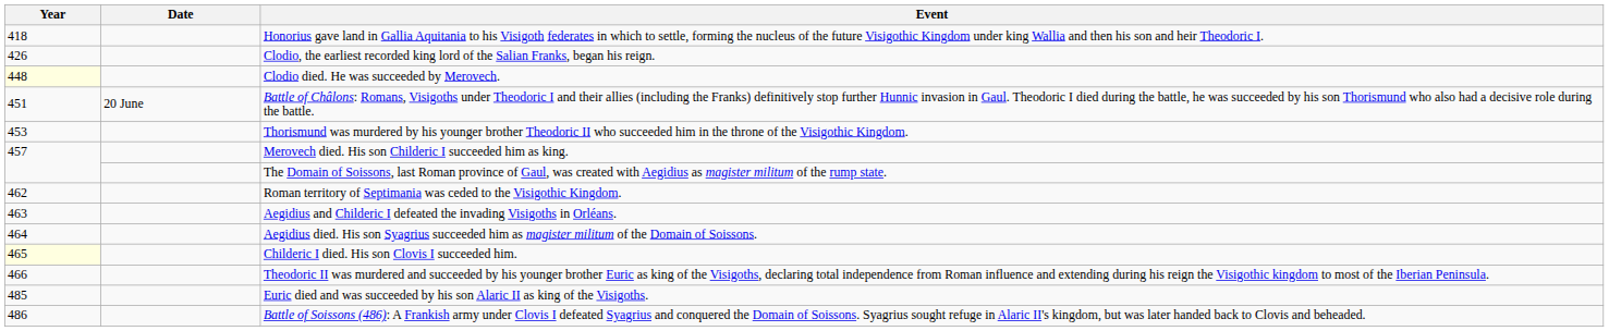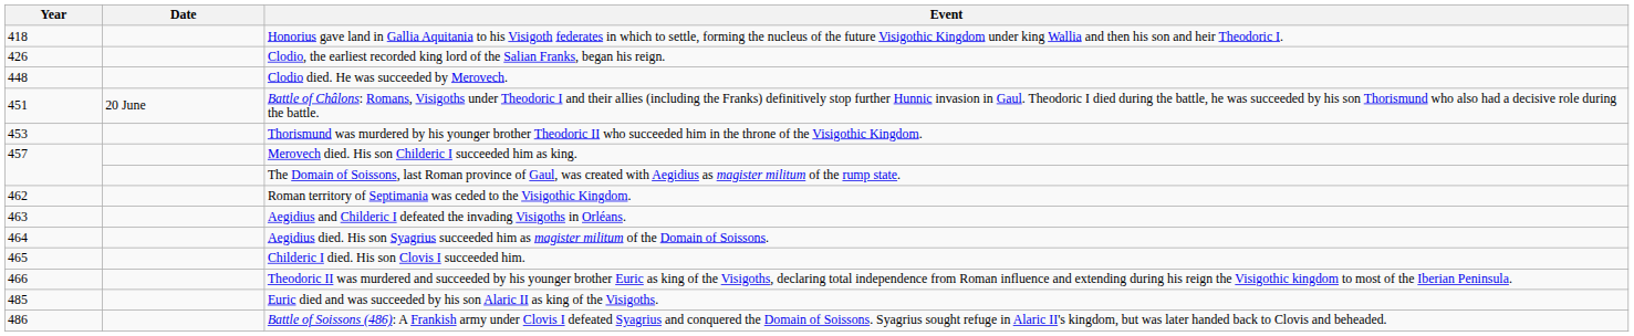 <table class="wikitable" width="100%">
 <tr>
 <th style="width:6%"><span>Year</span></th>
 <th style="width:10%"><span>Date</span></th>
 <th><span>Event</span></th>
 </tr>
 <tr>
 <td><span>418</span></td>
 <td></td>
 <td><span><a href='#'>Honorius</a> gave land in <a href='#'>Gallia Aquitania</a> to his <a href='#'>Visigoth</a> <a href='#'>federates</a> in which to settle, forming the nucleus of the future <a href='#'>Visigothic Kingdom</a> under king <a href='#'>Wallia</a> and then his son and heir <a href='#'>Theodoric I</a>.</span></td>
 </tr>
 <tr>
 <td><span>426</span></td>
 <td></td>
 <td><span><a href='#'>Clodio</a>, the earliest recorded king lord of the <a href='#'>Salian Franks</a>, began his reign.</span></td>
 </tr>
 <tr>
-<td style="background: lightyellow;"><span>448</span></td>
+<td><span>448</span></td>
 <td></td>
 <td><span><a href='#'>Clodio</a> died.  He was succeeded by <a href='#'>Merovech</a>.</span></td>
 </tr>
 <tr>
 <td><span>451</span></td>
 <td><span>20 June</span></td>
 <td><span><em><a href='#'>Battle of Châlons</a></em>: <a href='#'>Romans</a>, <a href='#'>Visigoths</a> under <a href='#'>Theodoric I</a> and their allies (including the Franks) definitively stop further <a href='#'>Hunnic</a> invasion in <a href='#'>Gaul</a>. Theodoric I died during the battle, he was succeeded by his son <a href='#'>Thorismund</a> who also had a decisive role during the battle.</span></td>
 </tr>
 <tr>
 <td><span>453</span></td>
 <td></td>
 <td><span><a href='#'>Thorismund</a> was murdered by his younger brother <a href='#'>Theodoric II</a> who succeeded him in the throne of the <a href='#'>Visigothic Kingdom</a>.</span></td>
 </tr>
 <tr>
 <td rowspan="2" valign="top"><span>457</span></td>
 <td></td>
 <td><span><a href='#'>Merovech</a> died.  His son <a href='#'>Childeric I</a> succeeded him as king.</span></td>
 </tr>
 <tr>
 <td></td>
 <td><span>The <a href='#'>Domain of Soissons</a>, last Roman province of <a href='#'>Gaul</a>, was created with <a href='#'>Aegidius</a> as <em><a href='#'>magister militum</a></em> of the <a href='#'>rump state</a>.</span></td>
 </tr>
 <tr>
 <td><span>462</span></td>
 <td></td>
 <td><span>Roman territory of <a href='#'>Septimania</a> was ceded to the <a href='#'>Visigothic Kingdom</a>.</span></td>
 </tr>
 <tr>
 <td><span>463</span></td>
 <td></td>
 <td><span><a href='#'>Aegidius</a> and <a href='#'>Childeric I</a> defeated the invading <a href='#'>Visigoths</a> in <a href='#'>Orléans</a>.</span></td>
 </tr>
 <tr>
 <td><span>464</span></td>
 <td></td>
 <td><span><a href='#'>Aegidius</a> died.  His son <a href='#'>Syagrius</a> succeeded him as <em><a href='#'>magister militum</a></em> of the <a href='#'>Domain of Soissons</a>.</span></td>
 </tr>
 <tr>
-<td style="background: lightyellow;"><span>465</span></td>
+<td><span>465</span></td>
 <td></td>
 <td><span><a href='#'>Childeric I</a> died.  His son <a href='#'>Clovis I</a> succeeded him.</span></td>
 </tr>
 <tr>
 <td><span>466</span></td>
 <td></td>
 <td><span><a href='#'>Theodoric II</a> was murdered and succeeded by his younger brother <a href='#'>Euric</a> as king of the <a href='#'>Visigoths</a>, declaring total independence from Roman influence and extending during his reign the <a href='#'>Visigothic kingdom</a> to most of the <a href='#'>Iberian Peninsula</a>.</span></td>
 </tr>
 <tr>
 <td><span>485</span></td>
 <td></td>
 <td><span><a href='#'>Euric</a> died and was succeeded by his son <a href='#'>Alaric II</a> as king of the <a href='#'>Visigoths</a>.</span></td>
 </tr>
 <tr>
 <td><span>486</span></td>
 <td></td>
 <td><span><em><a href='#'>Battle of Soissons (486)</a></em>: A <a href='#'>Frankish</a> army under <a href='#'>Clovis I</a> defeated <a href='#'>Syagrius</a> and conquered the <a href='#'>Domain of Soissons</a>. Syagrius sought refuge in <a href='#'>Alaric II</a>'s kingdom, but was later handed back to Clovis and beheaded.</span></td>
 </tr>
 </table>
